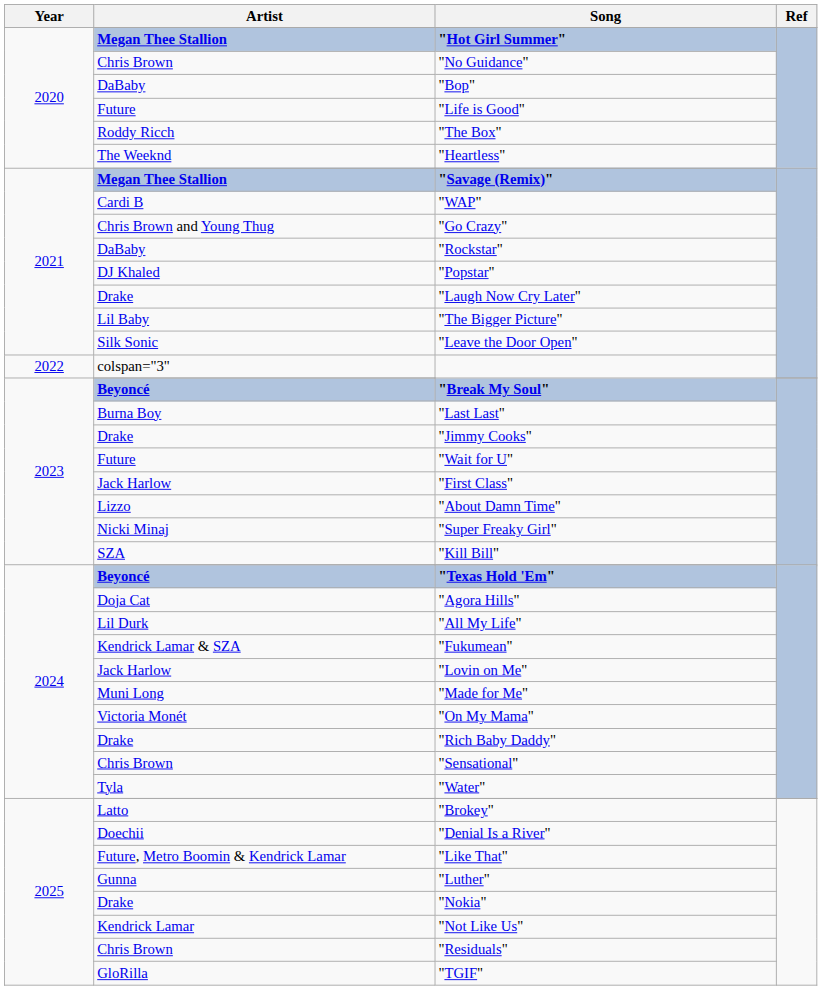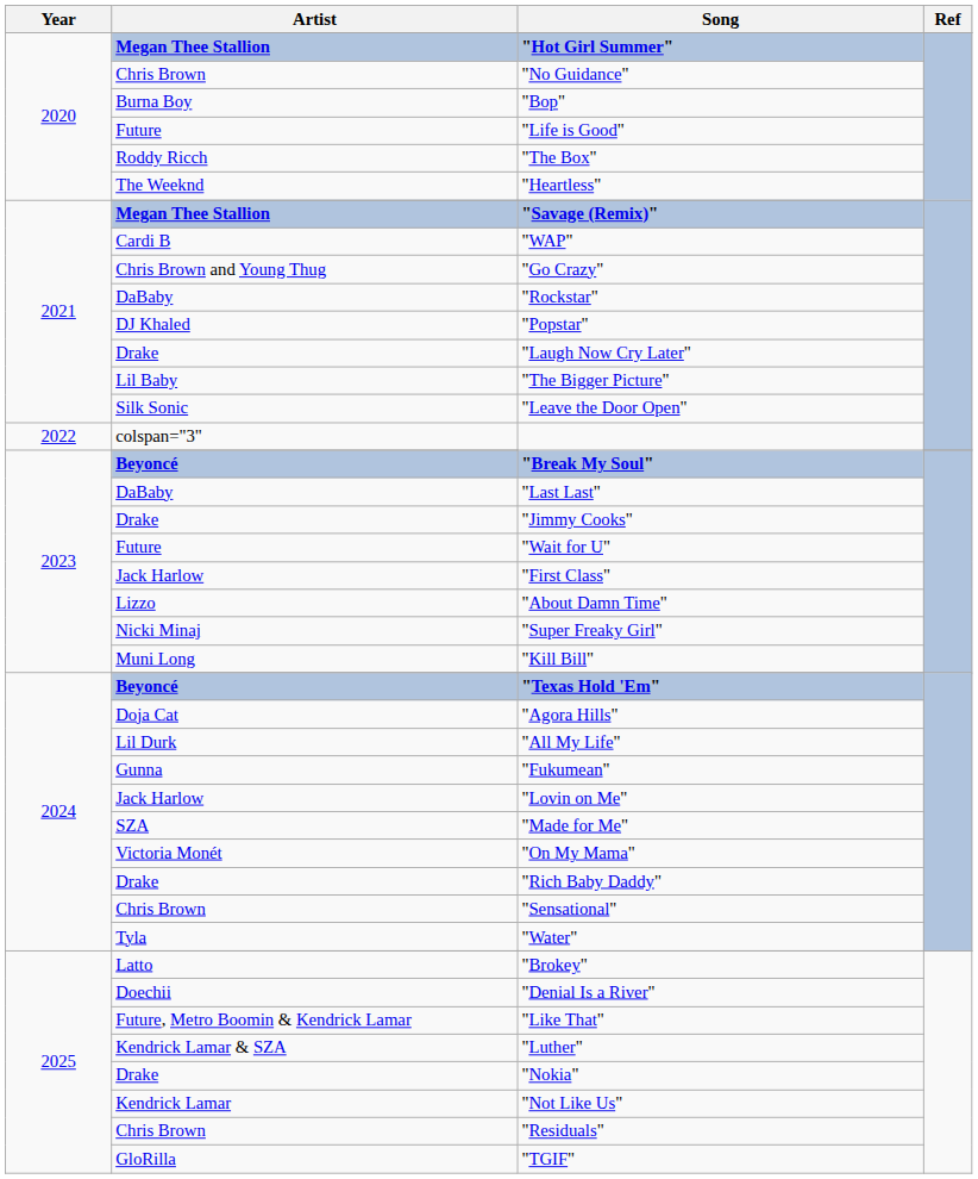 <table class="wikitable" style="width:100%;">
 <tr style="background:#bebebe;">
 <th style="width:11%;">Year</th>
 <th style="width:42%;">Artist</th>
 <th style="width:42%;">Song</th>
 <th style="width:5%;">Ref</th>
 </tr>
 <tr>
 <td rowspan="7" align="center"><a href='#'>2020</a></td>
 </tr>
 <tr style="background:#B0C4DE">
 <td><strong><a href='#'>Megan Thee Stallion</a> </strong></td>
 <td><strong>"<a href='#'>Hot Girl Summer</a>"</strong></td>
 <td rowspan="7" align="center"></td>
 </tr>
 <tr>
 <td><a href='#'>Chris Brown</a> </td>
 <td>"<a href='#'>No Guidance</a>"</td>
 </tr>
 <tr>
-<td><a href='#'>DaBaby</a></td>
+<td><a href='#'>Burna Boy</a></td>
 <td>"<a href='#'>Bop</a>"</td>
 </tr>
 <tr>
 <td><a href='#'>Future</a> </td>
 <td>"<a href='#'>Life is Good</a>"</td>
 </tr>
 <tr>
 <td><a href='#'>Roddy Ricch</a></td>
 <td>"<a href='#'>The Box</a>"</td>
 </tr>
 <tr>
 <td><a href='#'>The Weeknd</a></td>
 <td>"<a href='#'>Heartless</a>"</td>
 </tr>
 <tr>
 <td rowspan="9" align="center"><a href='#'>2021</a></td>
 </tr>
 <tr style="background:#B0C4DE">
 <td><strong><a href='#'>Megan Thee Stallion</a> </strong></td>
 <td><strong>"<a href='#'>Savage (Remix)</a>"</strong></td>
 <td rowspan="9" align="center"></td>
 </tr>
 <tr>
 <td><a href='#'>Cardi B</a> </td>
 <td>"<a href='#'>WAP</a>"</td>
 </tr>
 <tr>
 <td><a href='#'>Chris Brown</a> and <a href='#'>Young Thug</a></td>
 <td>"<a href='#'>Go Crazy</a>"</td>
 </tr>
 <tr>
 <td><a href='#'>DaBaby</a> </td>
 <td>"<a href='#'>Rockstar</a>"</td>
 </tr>
 <tr>
 <td><a href='#'>DJ Khaled</a> </td>
 <td>"<a href='#'>Popstar</a>"</td>
 </tr>
 <tr>
 <td><a href='#'>Drake</a> </td>
 <td>"<a href='#'>Laugh Now Cry Later</a>"</td>
 </tr>
 <tr>
 <td><a href='#'>Lil Baby</a></td>
 <td>"<a href='#'>The Bigger Picture</a>"</td>
 </tr>
 <tr>
 <td><a href='#'>Silk Sonic</a></td>
 <td>"<a href='#'>Leave the Door Open</a>"</td>
 </tr>
 <tr>
 <td align="center"><a href='#'>2022</a></td>
 <td>colspan="3" </td>
 </tr>
 <tr>
 <td rowspan="9" align="center"><a href='#'>2023</a></td>
 </tr>
 <tr style="background:#B0C4DE">
 <td><strong><a href='#'>Beyoncé</a></strong></td>
 <td><strong>"<a href='#'>Break My Soul</a>"</strong></td>
 <td rowspan="9" align="center"></td>
 </tr>
 <tr>
-<td><a href='#'>Burna Boy</a></td>
+<td><a href='#'>DaBaby</a></td>
 <td>"<a href='#'>Last Last</a>"</td>
 </tr>
 <tr>
 <td><a href='#'>Drake</a> </td>
 <td>"<a href='#'>Jimmy Cooks</a>"</td>
 </tr>
 <tr>
 <td><a href='#'>Future</a> </td>
 <td>"<a href='#'>Wait for U</a>"</td>
 </tr>
 <tr>
 <td><a href='#'>Jack Harlow</a></td>
 <td>"<a href='#'>First Class</a>"</td>
 </tr>
 <tr>
 <td><a href='#'>Lizzo</a></td>
 <td>"<a href='#'>About Damn Time</a>"</td>
 </tr>
 <tr>
 <td><a href='#'>Nicki Minaj</a></td>
 <td>"<a href='#'>Super Freaky Girl</a>"</td>
 </tr>
 <tr>
-<td><a href='#'>SZA</a></td>
+<td><a href='#'>Muni Long</a></td>
 <td>"<a href='#'>Kill Bill</a>"</td>
 </tr>
 <tr>
 <td rowspan="11" align="center"><a href='#'>2024</a></td>
 </tr>
 <tr style="background:#B0C4DE">
 <td><strong><a href='#'>Beyoncé</a></strong></td>
 <td><strong>"<a href='#'>Texas Hold 'Em</a>"</strong></td>
 <td rowspan="10" align="center"></td>
 </tr>
 <tr>
 <td><a href='#'>Doja Cat</a></td>
 <td>"<a href='#'>Agora Hills</a>"</td>
 </tr>
 <tr>
 <td><a href='#'>Lil Durk</a> </td>
 <td>"<a href='#'>All My Life</a>"</td>
 </tr>
 <tr>
-<td><a href='#'>Kendrick Lamar</a> & <a href='#'>SZA</a></td>
+<td><a href='#'>Gunna</a></td>
 <td>"<a href='#'>Fukumean</a>"</td>
 </tr>
 <tr>
 <td><a href='#'>Jack Harlow</a></td>
 <td>"<a href='#'>Lovin on Me</a>"</td>
 </tr>
 <tr>
-<td><a href='#'>Muni Long</a></td>
+<td><a href='#'>SZA</a></td>
 <td>"<a href='#'>Made for Me</a>"</td>
 </tr>
 <tr>
 <td><a href='#'>Victoria Monét</a></td>
 <td>"<a href='#'>On My Mama</a>"</td>
 </tr>
 <tr>
 <td><a href='#'>Drake</a> </td>
 <td>"<a href='#'>Rich Baby Daddy</a>"</td>
 </tr>
 <tr>
 <td><a href='#'>Chris Brown</a> </td>
 <td>"<a href='#'>Sensational</a>"</td>
 </tr>
 <tr>
 <td><a href='#'>Tyla</a></td>
 <td>"<a href='#'>Water</a>"</td>
 </tr>
 <tr>
 <td rowspan="9" align="center"><a href='#'>2025</a></td>
 </tr>
 <tr>
 <td><a href='#'>Latto</a></td>
 <td>"<a href='#'>Brokey</a>"</td>
 <td rowspan="8" align="center"></td>
 </tr>
 <tr>
 <td><a href='#'>Doechii</a></td>
 <td>"<a href='#'>Denial Is a River</a>"</td>
 </tr>
 <tr>
 <td><a href='#'>Future</a>, <a href='#'>Metro Boomin</a> & <a href='#'>Kendrick Lamar</a></td>
 <td>"<a href='#'>Like That</a>"</td>
 </tr>
 <tr>
-<td><a href='#'>Gunna</a></td>
+<td><a href='#'>Kendrick Lamar</a> & <a href='#'>SZA</a></td>
 <td>"<a href='#'>Luther</a>"</td>
 </tr>
 <tr>
 <td><a href='#'>Drake</a></td>
 <td>"<a href='#'>Nokia</a>"</td>
 </tr>
 <tr>
 <td><a href='#'>Kendrick Lamar</a></td>
 <td>"<a href='#'>Not Like Us</a>"</td>
 </tr>
 <tr>
 <td><a href='#'>Chris Brown</a></td>
 <td>"<a href='#'>Residuals</a>"</td>
 </tr>
 <tr>
 <td><a href='#'>GloRilla</a></td>
 <td>"<a href='#'>TGIF</a>"</td>
 </tr>
 </table>
